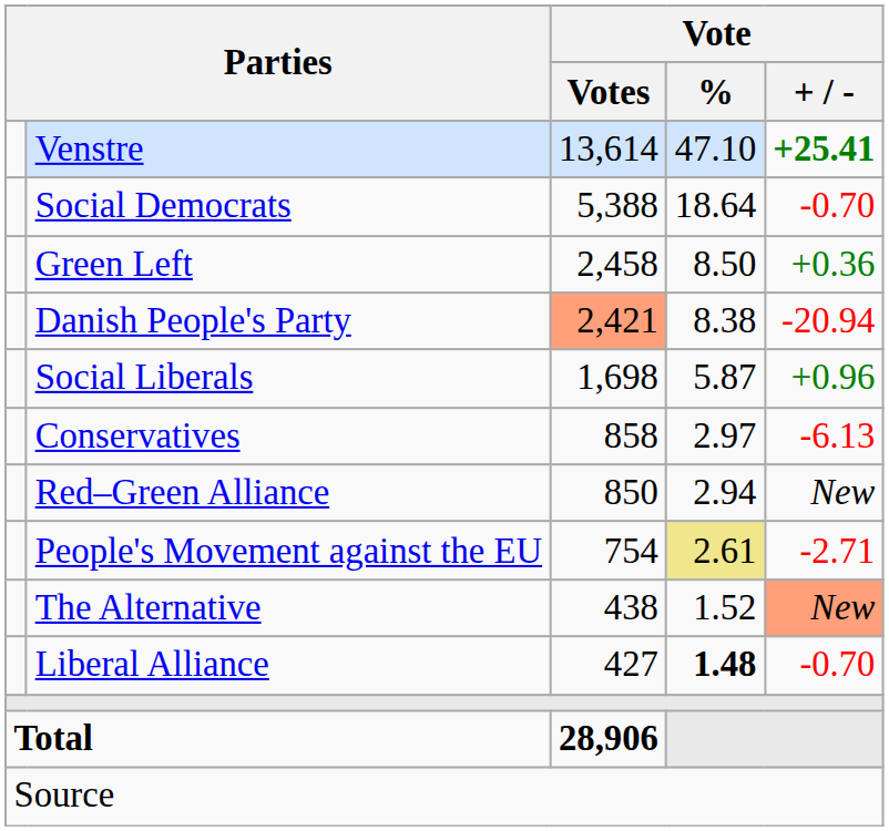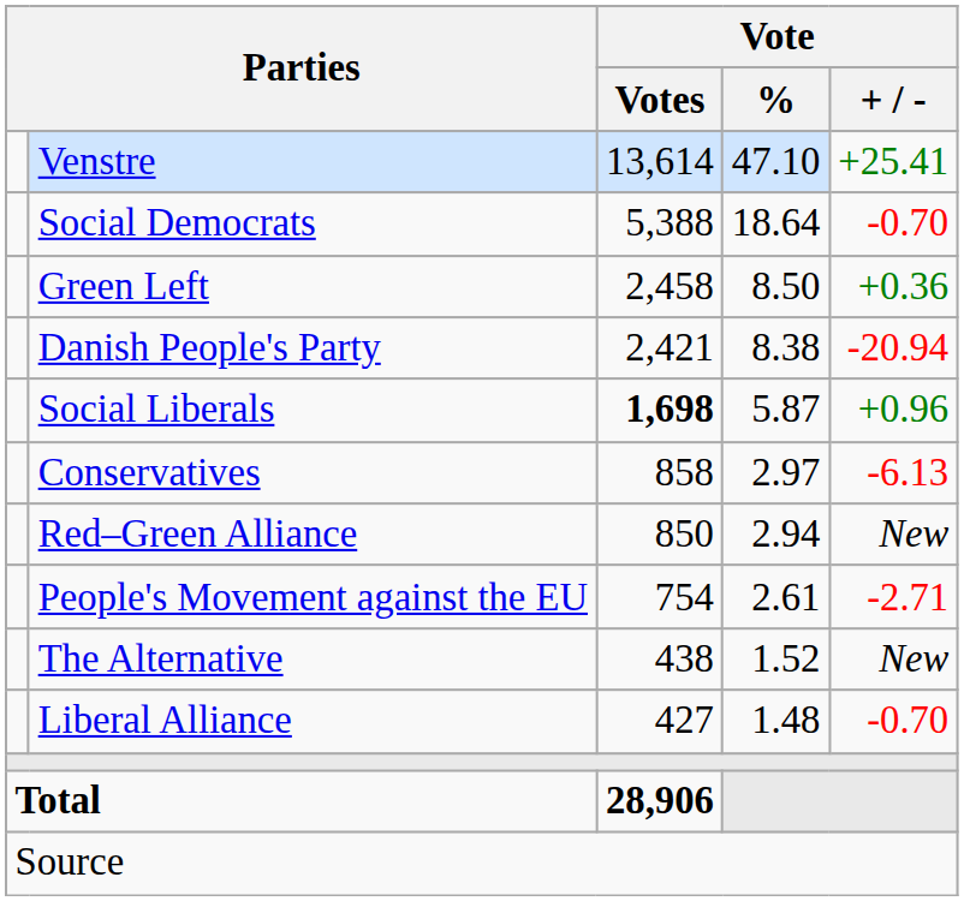 <table class="wikitable" style="text-align:right;">
 <tr>
 <th style="text-align:centre;" rowspan="2" colspan="2" width="225">Parties</th>
 <th colspan="3">Vote</th>
 </tr>
 <tr>
 <th width="15">Votes</th>
 <th width="15">%</th>
 <th width="15">+ / -</th>
 </tr>
 <tr>
 <td width="2" style="color:inherit;background:"></td>
 <td bgcolor=#cfe5fe   align="left"><a href='#'>Venstre</a></td>
 <td bgcolor=#cfe5fe>13,614</td>
 <td bgcolor=#cfe5fe>47.10</td>
-<td style=color:green;><strong>+25.41</strong></td>
+<td style=color:green;>+25.41</td>
 </tr>
 <tr>
 <td width="2" style="color:inherit;background:"></td>
 <td align="left"><a href='#'>Social Democrats</a></td>
 <td>5,388</td>
 <td>18.64</td>
 <td style=color:red;>-0.70</td>
 </tr>
 <tr>
 <td width="2" style="color:inherit;background:"></td>
 <td align="left"><a href='#'>Green Left</a></td>
 <td>2,458</td>
 <td>8.50</td>
 <td style=color:green;>+0.36</td>
 </tr>
 <tr>
 <td width="2" style="color:inherit;background:"></td>
 <td align="left"><a href='#'>Danish People's Party</a></td>
-<td style="background: lightsalmon;">2,421</td>
+<td>2,421</td>
 <td>8.38</td>
 <td style=color:red;>-20.94</td>
 </tr>
 <tr>
 <td width="2" style="color:inherit;background:"></td>
 <td align="left"><a href='#'>Social Liberals</a></td>
-<td>1,698</td>
+<td><strong>1,698</strong></td>
 <td>5.87</td>
 <td style=color:green;>+0.96</td>
 </tr>
 <tr>
 <td width="2" style="color:inherit;background:"></td>
 <td align="left"><a href='#'>Conservatives</a></td>
 <td>858</td>
 <td>2.97</td>
 <td style=color:red;>-6.13</td>
 </tr>
 <tr>
 <td width="2" style="color:inherit;background:"></td>
 <td align="left"><a href='#'>Red–Green Alliance</a></td>
 <td>850</td>
 <td>2.94</td>
 <td><em>New</em></td>
 </tr>
 <tr>
 <td width="2" style="color:inherit;background:"></td>
 <td align="left"><a href='#'>People's Movement against the EU</a></td>
 <td>754</td>
-<td style="background: khaki;">2.61</td>
+<td>2.61</td>
 <td style=color:red;>-2.71</td>
 </tr>
 <tr>
 <td width="2" style="color:inherit;background:"></td>
 <td align="left"><a href='#'>The Alternative</a></td>
 <td>438</td>
 <td>1.52</td>
-<td style="background: lightsalmon;"><em>New</em></td>
+<td><em>New</em></td>
 </tr>
 <tr>
 <td width="2" style="color:inherit;background:"></td>
 <td align="left"><a href='#'>Liberal Alliance</a></td>
 <td>427</td>
-<td><strong>1.48</strong></td>
+<td>1.48</td>
 <td style=color:red;>-0.70</td>
 </tr>
 <tr>
 <td colspan="7" bgcolor="#E9E9E9"></td>
 </tr>
 <tr>
 <td align="left" colspan="2"><strong>Total</strong></td>
 <td><strong>28,906</strong></td>
 <td bgcolor="#E9E9E9" colspan="2"></td>
 </tr>
 <tr>
 <td align="left" colspan="6">Source</td>
 </tr>
 </table>
